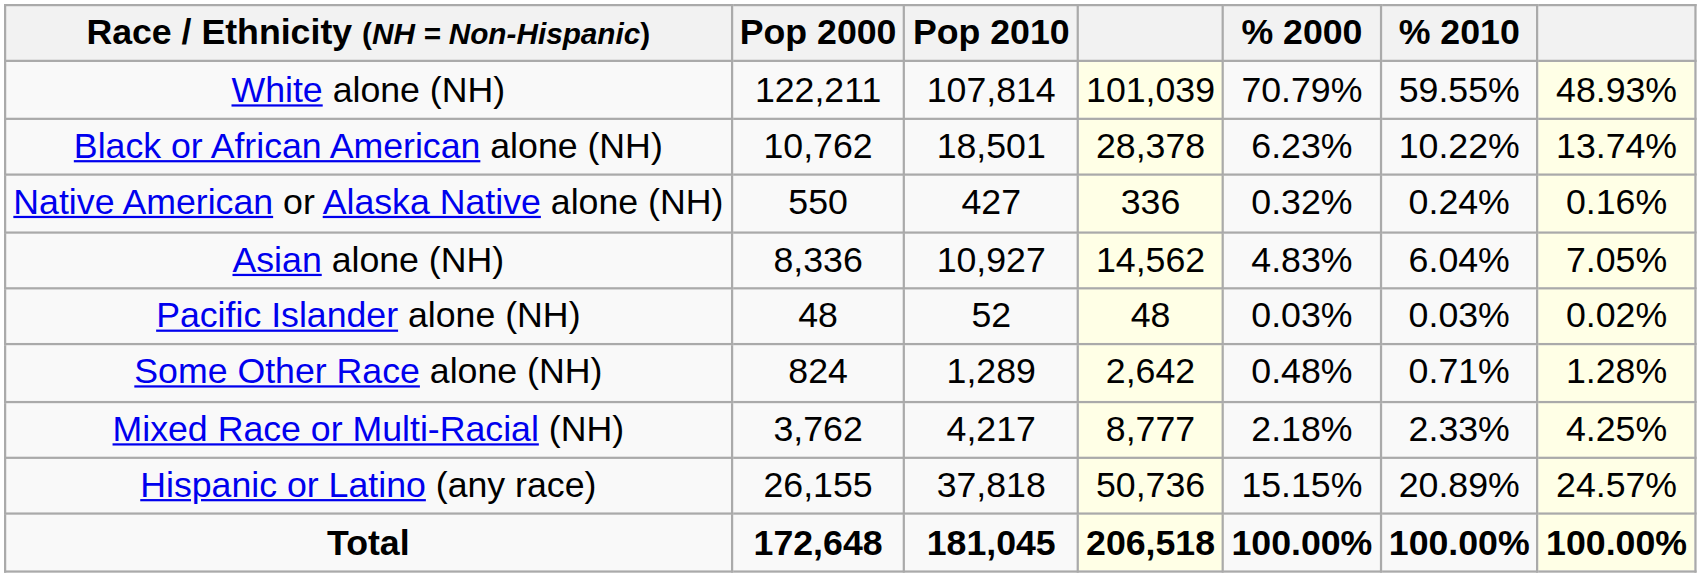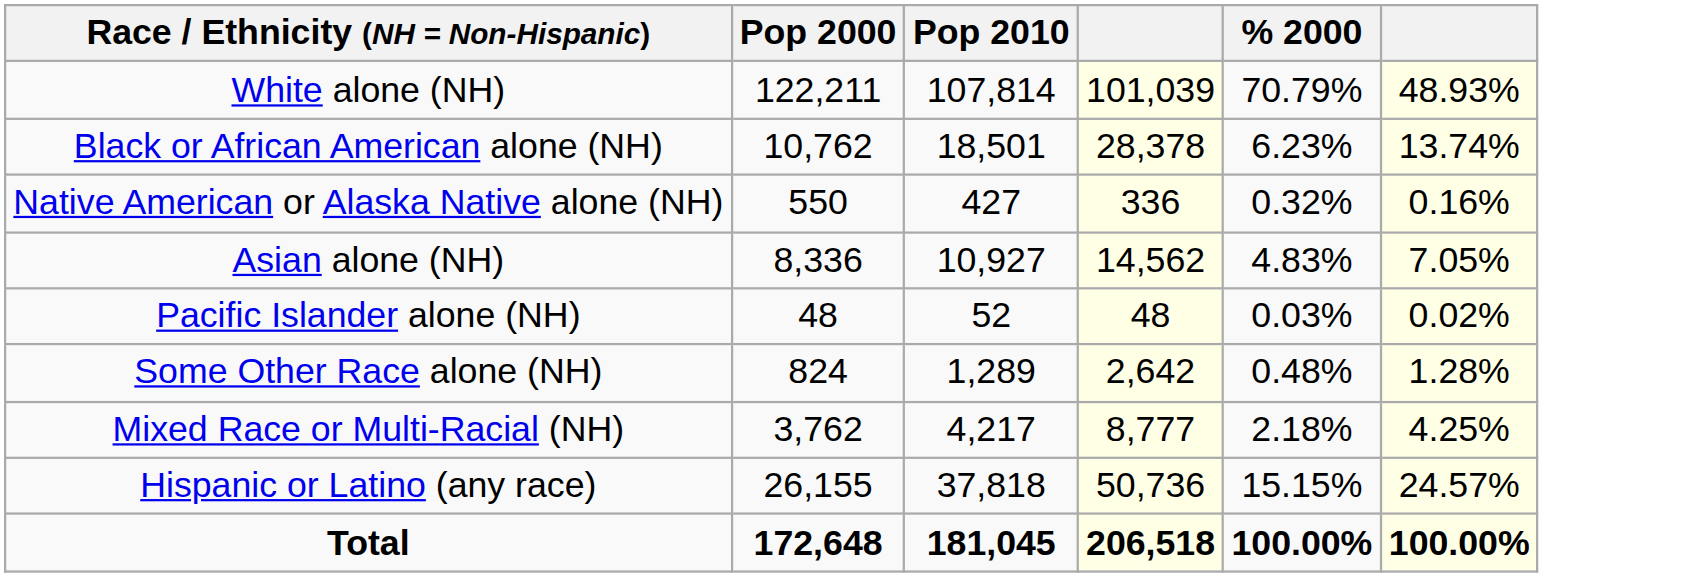 <table class="wikitable" style="text-align:center;">
 <tr>
 <th>Race / Ethnicity <small>(<em>NH = Non-Hispanic</em>)</small></th>
 <th>Pop 2000</th>
 <th>Pop 2010</th>
 <th></th>
 <th>% 2000</th>
-<th>% 2010</th>
 <th></th>
 </tr>
 <tr>
 <td><a href='#'>White</a> alone (NH)</td>
 <td>122,211</td>
 <td>107,814</td>
 <td style='background: #ffffe6;'>101,039</td>
 <td>70.79%</td>
-<td>59.55%</td>
 <td style='background: #ffffe6;'>48.93%</td>
 </tr>
 <tr>
 <td><a href='#'>Black or African American</a> alone (NH)</td>
 <td>10,762</td>
 <td>18,501</td>
 <td style='background: #ffffe6;'>28,378</td>
 <td>6.23%</td>
-<td>10.22%</td>
 <td style='background: #ffffe6;'>13.74%</td>
 </tr>
 <tr>
 <td><a href='#'>Native American</a> or <a href='#'>Alaska Native</a> alone (NH)</td>
 <td>550</td>
 <td>427</td>
 <td style='background: #ffffe6;'>336</td>
 <td>0.32%</td>
-<td>0.24%</td>
 <td style='background: #ffffe6;'>0.16%</td>
 </tr>
 <tr>
 <td><a href='#'>Asian</a> alone (NH)</td>
 <td>8,336</td>
 <td>10,927</td>
 <td style='background: #ffffe6;'>14,562</td>
 <td>4.83%</td>
-<td>6.04%</td>
 <td style='background: #ffffe6;'>7.05%</td>
 </tr>
 <tr>
 <td><a href='#'>Pacific Islander</a> alone (NH)</td>
 <td>48</td>
 <td>52</td>
 <td style='background: #ffffe6;'>48</td>
-<td>0.03%</td>
 <td>0.03%</td>
 <td style='background: #ffffe6;'>0.02%</td>
 </tr>
 <tr>
 <td><a href='#'>Some Other Race</a> alone (NH)</td>
 <td>824</td>
 <td>1,289</td>
 <td style='background: #ffffe6;'>2,642</td>
 <td>0.48%</td>
-<td>0.71%</td>
 <td style='background: #ffffe6;'>1.28%</td>
 </tr>
 <tr>
 <td><a href='#'>Mixed Race or Multi-Racial</a> (NH)</td>
 <td>3,762</td>
 <td>4,217</td>
 <td style='background: #ffffe6;'>8,777</td>
 <td>2.18%</td>
-<td>2.33%</td>
 <td style='background: #ffffe6;'>4.25%</td>
 </tr>
 <tr>
 <td><a href='#'>Hispanic or Latino</a> (any race)</td>
 <td>26,155</td>
 <td>37,818</td>
 <td style='background: #ffffe6;'>50,736</td>
 <td>15.15%</td>
-<td>20.89%</td>
 <td style='background: #ffffe6;'>24.57%</td>
 </tr>
 <tr>
 <td><strong>Total</strong></td>
 <td><strong>172,648</strong></td>
 <td><strong>181,045</strong></td>
 <td style='background: #ffffe6;'><strong>206,518</strong></td>
 <td><strong>100.00%</strong></td>
-<td><strong>100.00%</strong></td>
 <td style='background: #ffffe6;'><strong>100.00%</strong></td>
 </tr>
 </table>
